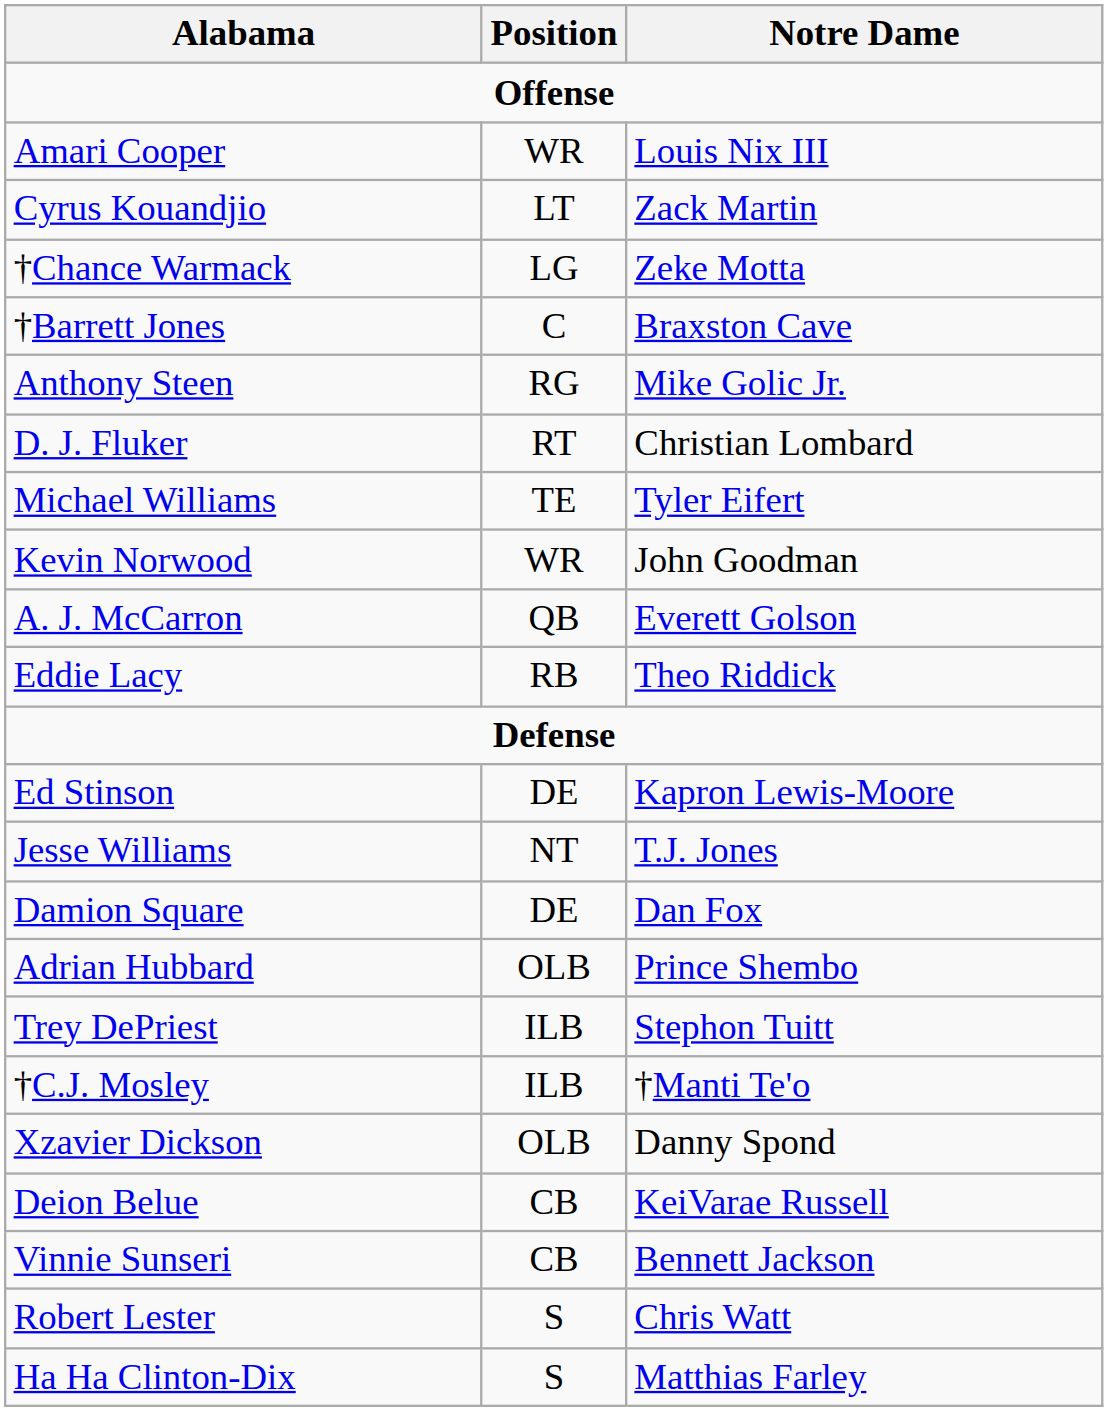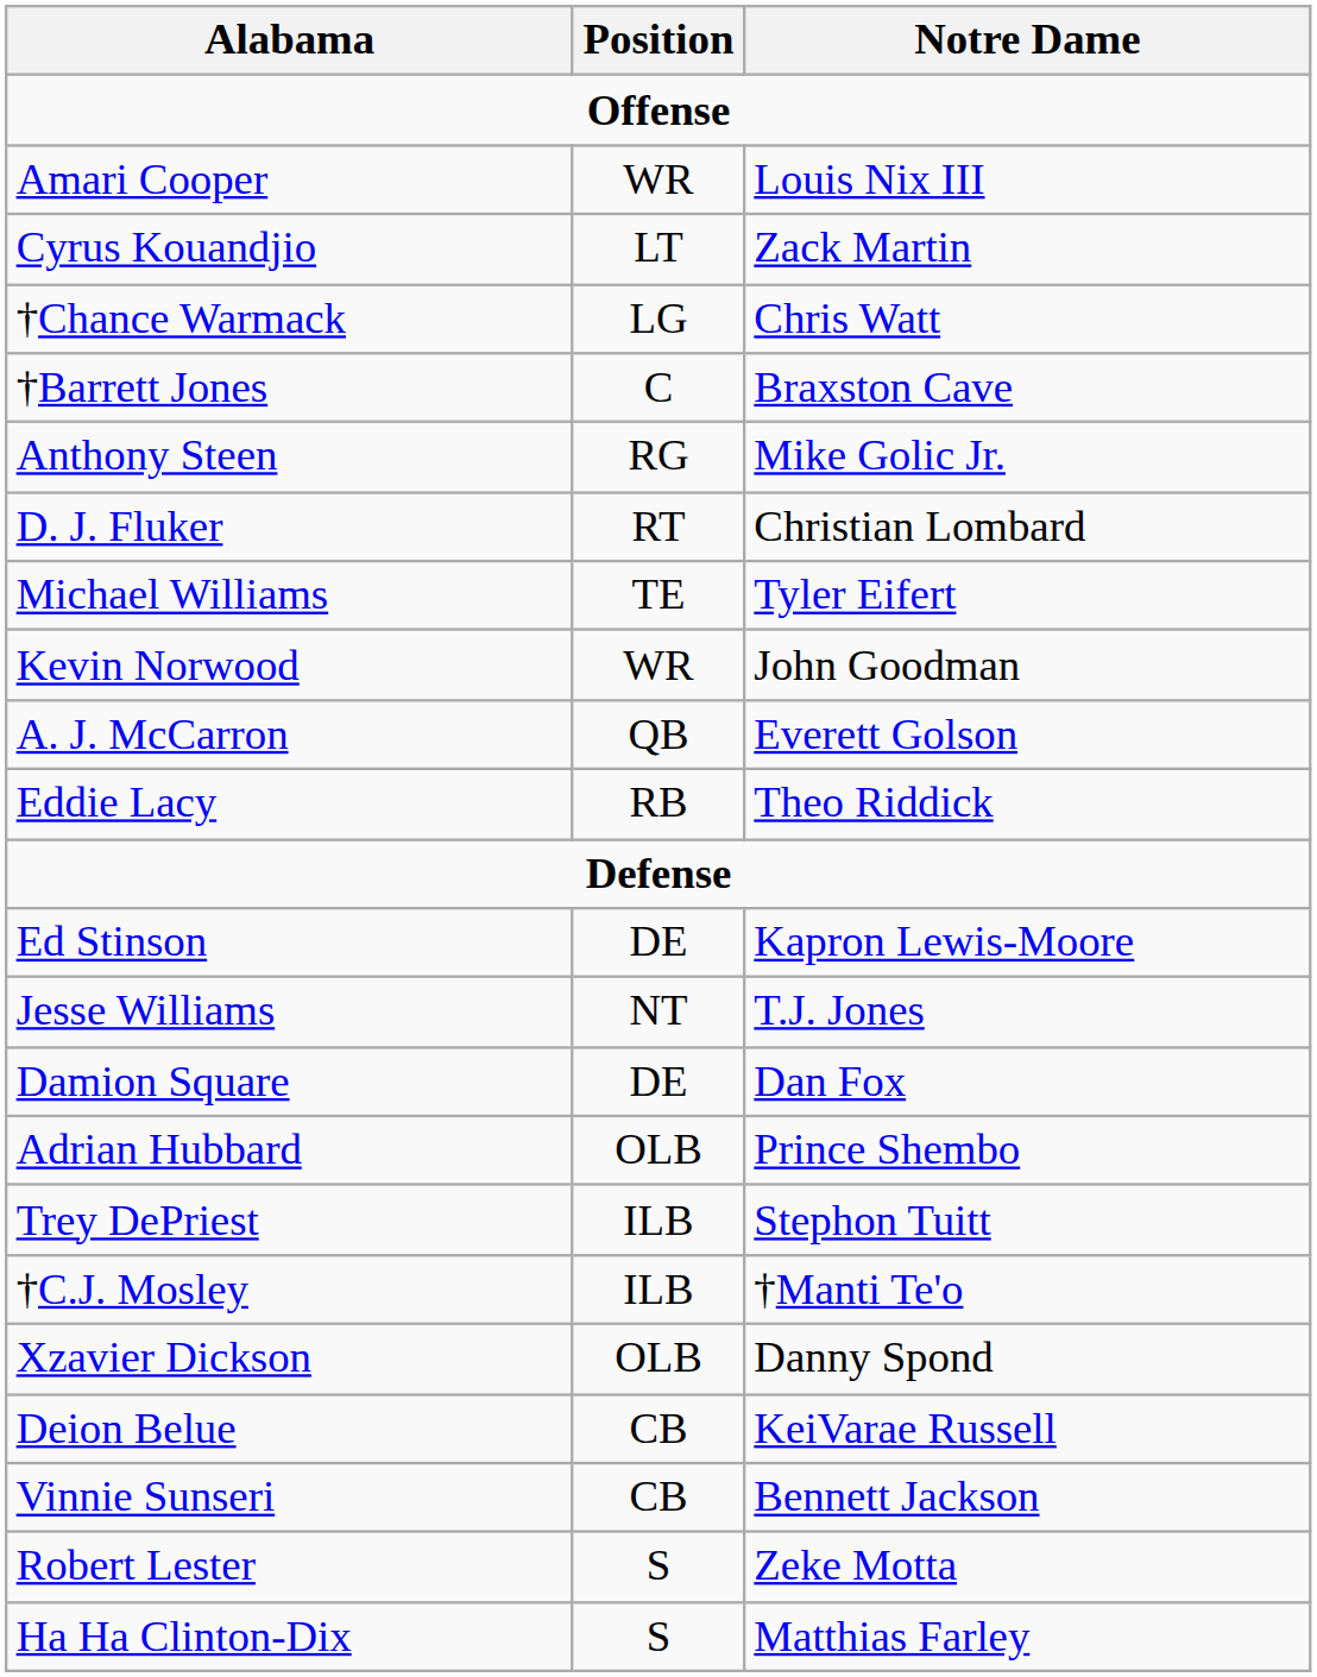 <table class="wikitable">
 <tr>
 <th style="width:200px;">Alabama</th>
 <th colspan="2">Position</th>
 <th style="width:200px;">Notre Dame</th>
 </tr>
 <tr>
 <td colspan="4" style="text-align:center"><strong>Offense</strong></td>
 </tr>
 <tr>
 <td><a href='#'>Amari Cooper</a></td>
 <td colspan="2" style="text-align:center">WR</td>
 <td><a href='#'>Louis Nix III</a></td>
 </tr>
 <tr>
 <td><a href='#'>Cyrus Kouandjio</a></td>
 <td colspan="2" style="text-align:center">LT</td>
 <td><a href='#'>Zack Martin</a></td>
 </tr>
 <tr>
 <td>†<a href='#'>Chance Warmack</a></td>
 <td colspan="2" style="text-align:center">LG</td>
-<td><a href='#'>Zeke Motta</a></td>
+<td><a href='#'>Chris Watt</a></td>
 </tr>
 <tr>
 <td>†<a href='#'>Barrett Jones</a></td>
 <td colspan="2" style="text-align:center">C</td>
 <td><a href='#'>Braxston Cave</a></td>
 </tr>
 <tr>
 <td><a href='#'>Anthony Steen</a></td>
 <td colspan="2" style="text-align:center">RG</td>
 <td><a href='#'>Mike Golic Jr.</a></td>
 </tr>
 <tr>
 <td><a href='#'>D. J. Fluker</a></td>
 <td colspan="2" style="text-align:center">RT</td>
 <td>Christian Lombard</td>
 </tr>
 <tr>
 <td><a href='#'>Michael Williams</a></td>
 <td colspan="2" style="text-align:center">TE</td>
 <td><a href='#'>Tyler Eifert</a></td>
 </tr>
 <tr>
 <td><a href='#'>Kevin Norwood</a></td>
 <td colspan="2" style="text-align:center">WR</td>
 <td>John Goodman</td>
 </tr>
 <tr>
 <td><a href='#'>A. J. McCarron</a></td>
 <td colspan="2" style="text-align:center">QB</td>
 <td><a href='#'>Everett Golson</a></td>
 </tr>
 <tr>
 <td><a href='#'>Eddie Lacy</a></td>
 <td colspan="2" style="text-align:center">RB</td>
 <td><a href='#'>Theo Riddick</a></td>
 </tr>
 <tr>
 <td colspan="4" style="text-align:center"><strong>Defense</strong></td>
 </tr>
 <tr>
 <td><a href='#'>Ed Stinson</a></td>
 <td colspan="2" style="text-align:center">DE</td>
 <td><a href='#'>Kapron Lewis-Moore</a></td>
 </tr>
 <tr>
 <td><a href='#'>Jesse Williams</a></td>
 <td colspan="2" style="text-align:center">NT</td>
 <td><a href='#'>T.J. Jones</a></td>
 </tr>
 <tr>
 <td><a href='#'>Damion Square</a></td>
 <td colspan="2" style="text-align:center">DE</td>
 <td><a href='#'>Dan Fox</a></td>
 </tr>
 <tr>
 <td><a href='#'>Adrian Hubbard</a></td>
 <td colspan="2" style="text-align:center">OLB</td>
 <td><a href='#'>Prince Shembo</a></td>
 </tr>
 <tr>
 <td><a href='#'>Trey DePriest</a></td>
 <td colspan="2" style="text-align:center">ILB</td>
 <td><a href='#'>Stephon Tuitt</a></td>
 </tr>
 <tr>
 <td>†<a href='#'>C.J. Mosley</a></td>
 <td colspan="2" style="text-align:center">ILB</td>
 <td>†<a href='#'>Manti Te'o</a></td>
 </tr>
 <tr>
 <td><a href='#'>Xzavier Dickson</a></td>
 <td colspan="2" style="text-align:center">OLB</td>
 <td>Danny Spond</td>
 </tr>
 <tr>
 <td><a href='#'>Deion Belue</a></td>
 <td colspan="2" style="text-align:center">CB</td>
 <td><a href='#'>KeiVarae Russell</a></td>
 </tr>
 <tr>
 <td><a href='#'>Vinnie Sunseri</a></td>
 <td colspan="2" style="text-align:center">CB</td>
 <td><a href='#'>Bennett Jackson</a></td>
 </tr>
 <tr>
 <td><a href='#'>Robert Lester</a></td>
 <td colspan="2" style="text-align:center">S</td>
-<td><a href='#'>Chris Watt</a></td>
+<td><a href='#'>Zeke Motta</a></td>
 </tr>
 <tr>
 <td><a href='#'>Ha Ha Clinton-Dix</a></td>
 <td colspan="2" style="text-align:center">S</td>
 <td><a href='#'>Matthias Farley</a></td>
 </tr>
 </table>
